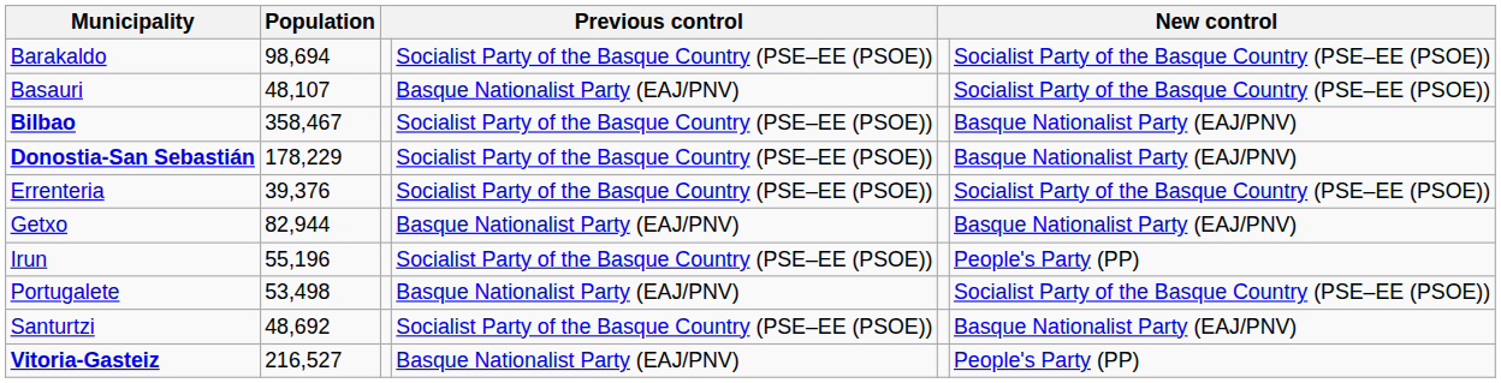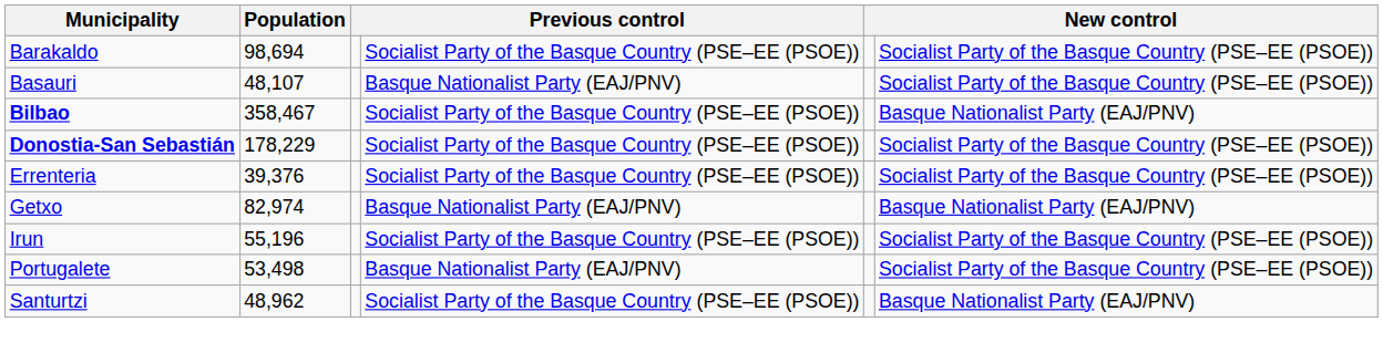 <table class="wikitable sortable">
 <tr>
 <th>Municipality</th>
 <th>Population</th>
 <th colspan="2" style="width:375px;">Previous control</th>
 <th colspan="2" style="width:375px;">New control</th>
 </tr>
 <tr>
 <td><a href='#'>Barakaldo</a></td>
 <td>98,694</td>
 <td width="1" style="color:inherit;background:"></td>
 <td><a href='#'>Socialist Party of the Basque Country</a> (PSE–EE (PSOE))</td>
 <td width="1" style="color:inherit;background:"></td>
 <td><a href='#'>Socialist Party of the Basque Country</a> (PSE–EE (PSOE))</td>
 </tr>
 <tr>
 <td><a href='#'>Basauri</a></td>
 <td>48,107</td>
 <td style="color:inherit;background:"></td>
 <td><a href='#'>Basque Nationalist Party</a> (EAJ/PNV)</td>
 <td style="color:inherit;background:"></td>
 <td><a href='#'>Socialist Party of the Basque Country</a> (PSE–EE (PSOE))</td>
 </tr>
 <tr>
 <td><strong><a href='#'>Bilbao</a></strong></td>
 <td>358,467</td>
 <td style="color:inherit;background:"></td>
 <td><a href='#'>Socialist Party of the Basque Country</a> (PSE–EE (PSOE))</td>
 <td style="color:inherit;background:"></td>
 <td><a href='#'>Basque Nationalist Party</a> (EAJ/PNV)</td>
 </tr>
 <tr>
 <td><strong><a href='#'>Donostia-San Sebastián</a></strong></td>
 <td>178,229</td>
 <td style="color:inherit;background:"></td>
 <td><a href='#'>Socialist Party of the Basque Country</a> (PSE–EE (PSOE))</td>
 <td style="color:inherit;background:"></td>
-<td><a href='#'>Basque Nationalist Party</a> (EAJ/PNV)</td>
+<td><a href='#'>Socialist Party of the Basque Country</a> (PSE–EE (PSOE))</td>
 </tr>
 <tr>
 <td><a href='#'>Errenteria</a></td>
 <td>39,376</td>
 <td style="color:inherit;background:"></td>
 <td><a href='#'>Socialist Party of the Basque Country</a> (PSE–EE (PSOE))</td>
 <td style="color:inherit;background:"></td>
 <td><a href='#'>Socialist Party of the Basque Country</a> (PSE–EE (PSOE))</td>
 </tr>
 <tr>
 <td><a href='#'>Getxo</a></td>
-<td>82,944</td>
+<td>82,974</td>
 <td style="color:inherit;background:"></td>
 <td><a href='#'>Basque Nationalist Party</a> (EAJ/PNV)</td>
 <td style="color:inherit;background:"></td>
 <td><a href='#'>Basque Nationalist Party</a> (EAJ/PNV)</td>
 </tr>
 <tr>
 <td><a href='#'>Irun</a></td>
 <td>55,196</td>
 <td style="color:inherit;background:"></td>
 <td><a href='#'>Socialist Party of the Basque Country</a> (PSE–EE (PSOE))</td>
 <td style="color:inherit;background:"></td>
-<td><a href='#'>People's Party</a> (PP)</td>
+<td><a href='#'>Socialist Party of the Basque Country</a> (PSE–EE (PSOE))</td>
 </tr>
 <tr>
 <td><a href='#'>Portugalete</a></td>
 <td>53,498</td>
 <td style="color:inherit;background:"></td>
 <td><a href='#'>Basque Nationalist Party</a> (EAJ/PNV)</td>
 <td style="color:inherit;background:"></td>
 <td><a href='#'>Socialist Party of the Basque Country</a> (PSE–EE (PSOE))</td>
 </tr>
 <tr>
 <td><a href='#'>Santurtzi</a></td>
-<td>48,692</td>
+<td>48,962</td>
 <td style="color:inherit;background:"></td>
 <td><a href='#'>Socialist Party of the Basque Country</a> (PSE–EE (PSOE))</td>
 <td style="color:inherit;background:"></td>
 <td><a href='#'>Basque Nationalist Party</a> (EAJ/PNV)</td>
 </tr>
-<tr>
-<td><strong><a href='#'>Vitoria-Gasteiz</a></strong></td>
-<td>216,527</td>
-<td style="color:inherit;background:"></td>
-<td><a href='#'>Basque Nationalist Party</a> (EAJ/PNV)</td>
-<td style="color:inherit;background:"></td>
-<td><a href='#'>People's Party</a> (PP)</td>
-</tr>
 </table>
